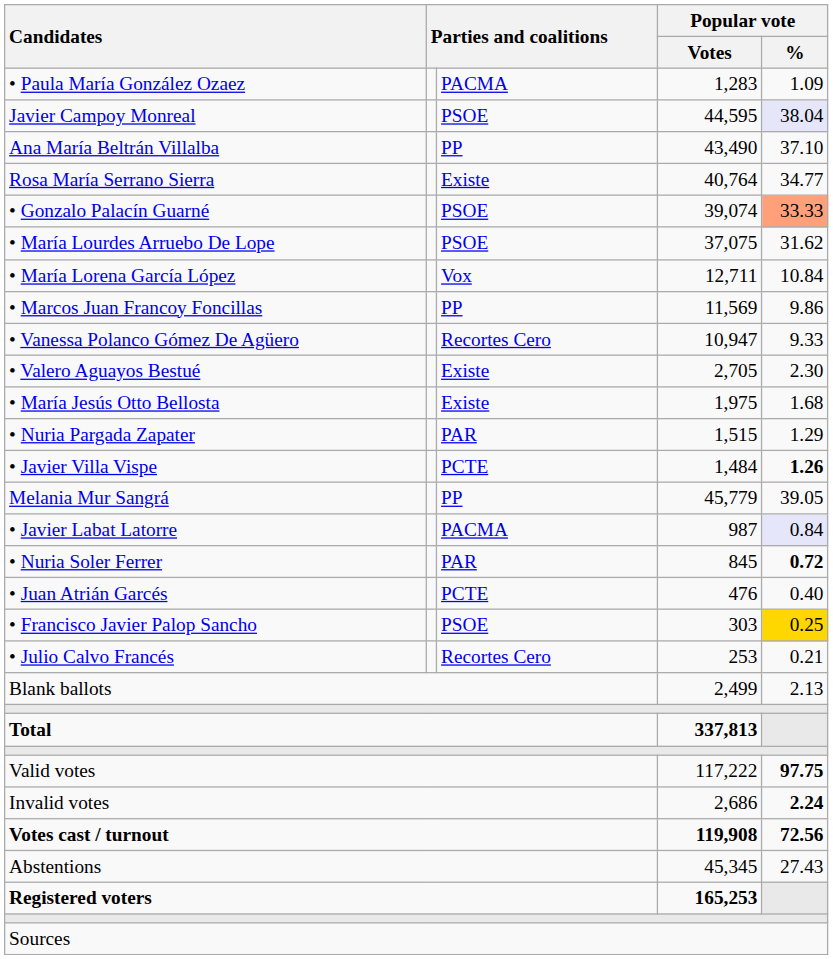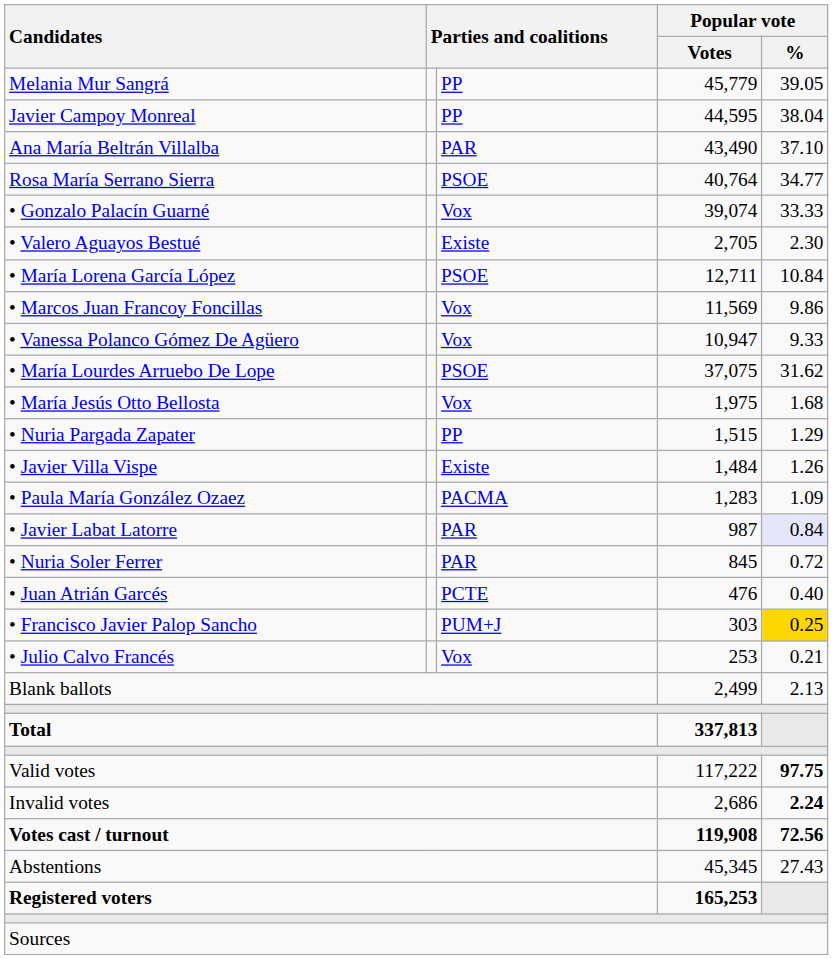 <table class="wikitable" style="text-align:right; font-size:95%;">
 <tr>
 <th style="text-align:left;" rowspan="2" width="325">Candidates</th>
 <th style="text-align:left;" rowspan="2" colspan="2" width="175">Parties and coalitions</th>
 <th colspan="2">Popular vote</th>
 </tr>
 <tr>
 <th width="75">Votes</th>
 <th width="45">%</th>
 </tr>
 <tr>
-<td align="left">• <a href='#'>Paula María González Ozaez</a></td>
+<td align="left"> <a href='#'>Melania Mur Sangrá</a></td>
 <td width="1" style="color:inherit;background:"></td>
-<td align="left"><a href='#'>PACMA</a></td>
-<td>1,283</td>
-<td>1.09</td>
+<td align="left"><a href='#'>PP</a></td>
+<td>45,779</td>
+<td>39.05</td>
 </tr>
 <tr>
 <td align="left"> <a href='#'>Javier Campoy Monreal</a></td>
 <td width="1" style="color:inherit;background:"></td>
-<td align="left"><a href='#'>PSOE</a></td>
+<td align="left"><a href='#'>PP</a></td>
 <td>44,595</td>
-<td style="background: lavender;">38.04</td>
+<td>38.04</td>
 </tr>
 <tr>
 <td align="left"> <a href='#'>Ana María Beltrán Villalba</a></td>
 <td width="1" style="color:inherit;background:"></td>
-<td align="left"><a href='#'>PP</a></td>
+<td align="left"><a href='#'>PAR</a></td>
 <td>43,490</td>
 <td>37.10</td>
 </tr>
 <tr>
 <td align="left"> <a href='#'>Rosa María Serrano Sierra</a></td>
 <td width="1" style="color:inherit;background:"></td>
-<td align="left"><a href='#'>Existe</a></td>
+<td align="left"><a href='#'>PSOE</a></td>
 <td>40,764</td>
 <td>34.77</td>
 </tr>
 <tr>
 <td align="left">• <a href='#'>Gonzalo Palacín Guarné</a></td>
 <td width="1" style="color:inherit;background:"></td>
+<td align="left"><a href='#'>Vox</a></td>
+<td>39,074</td>
+<td>33.33</td>
+</tr>
+<tr>
+<td align="left">• <a href='#'>Valero Aguayos Bestué</a></td>
+<td width="1" style="color:inherit;background:"></td>
+<td align="left"><a href='#'>Existe</a></td>
+<td>2,705</td>
+<td>2.30</td>
+</tr>
+<tr>
+<td align="left">• <a href='#'>María Lorena García López</a></td>
+<td width="1" style="color:inherit;background:"></td>
 <td align="left"><a href='#'>PSOE</a></td>
-<td>39,074</td>
-<td style="background: lightsalmon;">33.33</td>
+<td>12,711</td>
+<td>10.84</td>
+</tr>
+<tr>
+<td align="left">• <a href='#'>Marcos Juan Francoy Foncillas</a></td>
+<td width="1" style="color:inherit;background:"></td>
+<td align="left"><a href='#'>Vox</a></td>
+<td>11,569</td>
+<td>9.86</td>
+</tr>
+<tr>
+<td align="left">• <a href='#'>Vanessa Polanco Gómez De Agüero</a></td>
+<td width="1" style="color:inherit;background:"></td>
+<td align="left"><a href='#'>Vox</a></td>
+<td>10,947</td>
+<td>9.33</td>
 </tr>
 <tr>
 <td align="left">• <a href='#'>María Lourdes Arruebo De Lope</a></td>
 <td width="1" style="color:inherit;background:"></td>
 <td align="left"><a href='#'>PSOE</a></td>
 <td>37,075</td>
 <td>31.62</td>
 </tr>
 <tr>
-<td align="left">• <a href='#'>María Lorena García López</a></td>
+<td align="left">• <a href='#'>María Jesús Otto Bellosta</a></td>
 <td width="1" style="color:inherit;background:"></td>
 <td align="left"><a href='#'>Vox</a></td>
-<td>12,711</td>
-<td>10.84</td>
-</tr>
-<tr>
-<td align="left">• <a href='#'>Marcos Juan Francoy Foncillas</a></td>
-<td width="1" style="color:inherit;background:"></td>
-<td align="left"><a href='#'>PP</a></td>
-<td>11,569</td>
-<td>9.86</td>
-</tr>
-<tr>
-<td align="left">• <a href='#'>Vanessa Polanco Gómez De Agüero</a></td>
-<td width="1" style="color:inherit;background:"></td>
-<td align="left"><a href='#'>Recortes Cero</a></td>
-<td>10,947</td>
-<td>9.33</td>
-</tr>
-<tr>
-<td align="left">• <a href='#'>Valero Aguayos Bestué</a></td>
-<td width="1" style="color:inherit;background:"></td>
-<td align="left"><a href='#'>Existe</a></td>
-<td>2,705</td>
-<td>2.30</td>
-</tr>
-<tr>
-<td align="left">• <a href='#'>María Jesús Otto Bellosta</a></td>
-<td width="1" style="color:inherit;background:"></td>
-<td align="left"><a href='#'>Existe</a></td>
 <td>1,975</td>
 <td>1.68</td>
 </tr>
 <tr>
 <td align="left">• <a href='#'>Nuria Pargada Zapater</a></td>
 <td width="1" style="color:inherit;background:"></td>
-<td align="left"><a href='#'>PAR</a></td>
+<td align="left"><a href='#'>PP</a></td>
 <td>1,515</td>
 <td>1.29</td>
 </tr>
 <tr>
 <td align="left">• <a href='#'>Javier Villa Vispe</a></td>
 <td width="1" style="color:inherit;background:"></td>
-<td align="left"><a href='#'>PCTE</a></td>
+<td align="left"><a href='#'>Existe</a></td>
 <td>1,484</td>
-<td><strong>1.26</strong></td>
+<td>1.26</td>
 </tr>
 <tr>
-<td align="left"> <a href='#'>Melania Mur Sangrá</a></td>
+<td align="left">• <a href='#'>Paula María González Ozaez</a></td>
 <td width="1" style="color:inherit;background:"></td>
-<td align="left"><a href='#'>PP</a></td>
-<td>45,779</td>
-<td>39.05</td>
+<td align="left"><a href='#'>PACMA</a></td>
+<td>1,283</td>
+<td>1.09</td>
 </tr>
 <tr>
 <td align="left">• <a href='#'>Javier Labat Latorre</a></td>
 <td width="1" style="color:inherit;background:"></td>
-<td align="left"><a href='#'>PACMA</a></td>
+<td align="left"><a href='#'>PAR</a></td>
 <td>987</td>
 <td style="background: lavender;">0.84</td>
 </tr>
 <tr>
 <td align="left">• <a href='#'>Nuria Soler Ferrer</a></td>
 <td width="1" style="color:inherit;background:"></td>
 <td align="left"><a href='#'>PAR</a></td>
 <td>845</td>
-<td><strong>0.72</strong></td>
+<td>0.72</td>
 </tr>
 <tr>
 <td align="left">• <a href='#'>Juan Atrián Garcés</a></td>
 <td width="1" style="color:inherit;background:"></td>
 <td align="left"><a href='#'>PCTE</a></td>
 <td>476</td>
 <td>0.40</td>
 </tr>
 <tr>
 <td align="left">• <a href='#'>Francisco Javier Palop Sancho</a></td>
 <td width="1" style="color:inherit;background:"></td>
-<td align="left"><a href='#'>PSOE</a></td>
+<td align="left"><a href='#'>PUM+J</a></td>
 <td>303</td>
 <td style="background: gold;">0.25</td>
 </tr>
 <tr>
 <td align="left">• <a href='#'>Julio Calvo Francés</a></td>
 <td width="1" style="color:inherit;background:"></td>
-<td align="left"><a href='#'>Recortes Cero</a></td>
+<td align="left"><a href='#'>Vox</a></td>
 <td>253</td>
 <td>0.21</td>
 </tr>
 <tr>
 <td align="left" colspan="3">Blank ballots</td>
 <td>2,499</td>
 <td>2.13</td>
 </tr>
 <tr>
 <td colspan="5" bgcolor="#E9E9E9"></td>
 </tr>
 <tr style="font-weight:bold;">
 <td align="left" colspan="3">Total</td>
 <td>337,813</td>
 <td bgcolor="#E9E9E9"></td>
 </tr>
 <tr>
 <td colspan="5" bgcolor="#E9E9E9"></td>
 </tr>
 <tr>
 <td align="left" colspan="3">Valid votes</td>
 <td>117,222</td>
 <td><strong>97.75</strong></td>
 </tr>
 <tr>
 <td align="left" colspan="3">Invalid votes</td>
 <td>2,686</td>
 <td><strong>2.24</strong></td>
 </tr>
 <tr style="font-weight:bold;">
 <td align="left" colspan="3">Votes cast / turnout</td>
 <td>119,908</td>
 <td>72.56</td>
 </tr>
 <tr>
 <td align="left" colspan="3">Abstentions</td>
 <td>45,345</td>
 <td>27.43</td>
 </tr>
 <tr style="font-weight:bold;">
 <td align="left" colspan="3">Registered voters</td>
 <td>165,253</td>
 <td bgcolor="#E9E9E9"></td>
 </tr>
 <tr>
 <td colspan="5" bgcolor="#E9E9E9"></td>
 </tr>
 <tr>
 <td align="left" colspan="5">Sources</td>
 </tr>
 </table>
